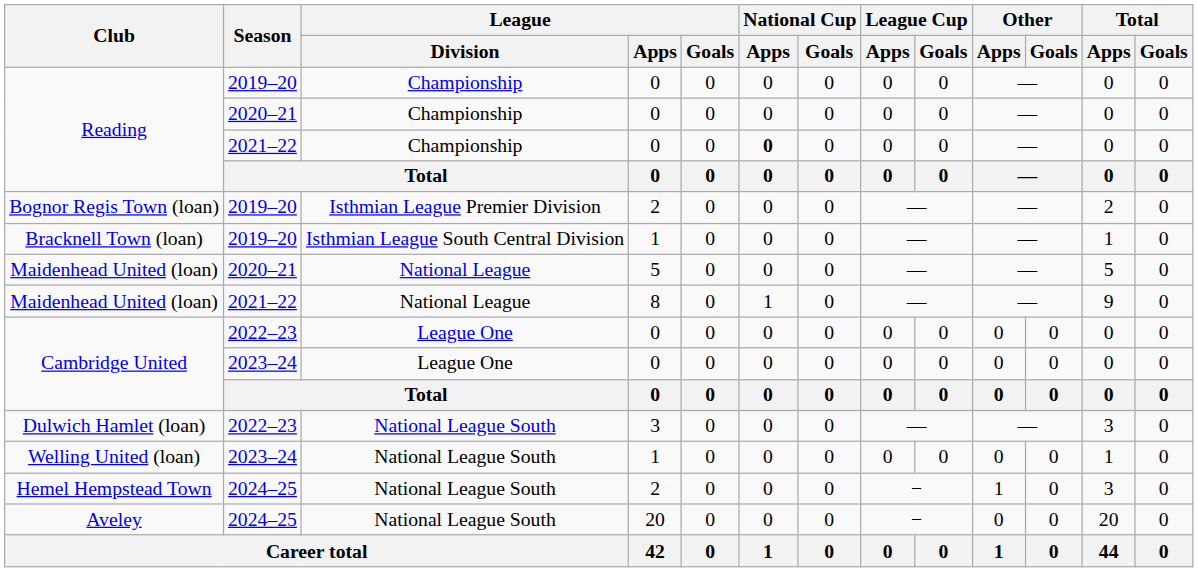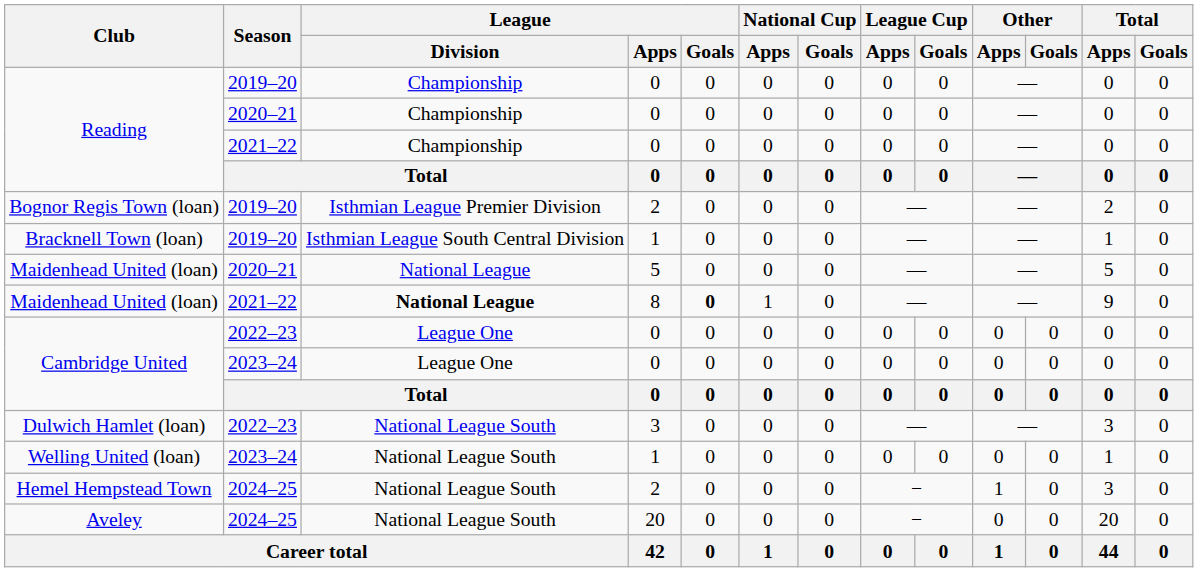 <table class="wikitable" style="text-align: center;">
 <tr>
 <th rowspan="2">Club</th>
 <th rowspan="2">Season</th>
 <th colspan="3">League</th>
 <th colspan="2">National Cup</th>
 <th colspan="2">League Cup</th>
 <th colspan="2">Other</th>
 <th colspan="2">Total</th>
 </tr>
 <tr>
 <th>Division</th>
 <th>Apps</th>
 <th>Goals</th>
 <th>Apps</th>
 <th>Goals</th>
 <th>Apps</th>
 <th>Goals</th>
 <th>Apps</th>
 <th>Goals</th>
 <th>Apps</th>
 <th>Goals</th>
 </tr>
 <tr>
 <td rowspan="4" valign="center"><a href='#'>Reading</a></td>
 <td><a href='#'>2019–20</a></td>
 <td><a href='#'>Championship</a></td>
 <td>0</td>
 <td>0</td>
 <td>0</td>
 <td>0</td>
 <td>0</td>
 <td>0</td>
 <td colspan=2>—</td>
 <td>0</td>
 <td>0</td>
 </tr>
 <tr>
 <td><a href='#'>2020–21</a></td>
 <td>Championship</td>
 <td>0</td>
 <td>0</td>
 <td>0</td>
 <td>0</td>
 <td>0</td>
 <td>0</td>
 <td colspan=2>—</td>
 <td>0</td>
 <td>0</td>
 </tr>
 <tr>
 <td><a href='#'>2021–22</a></td>
 <td>Championship</td>
 <td>0</td>
 <td>0</td>
-<td><strong>0</strong></td>
+<td>0</td>
 <td>0</td>
 <td>0</td>
 <td>0</td>
 <td colspan=2>—</td>
 <td>0</td>
 <td>0</td>
 </tr>
 <tr>
 <th colspan="2">Total</th>
 <th>0</th>
 <th>0</th>
 <th>0</th>
 <th>0</th>
 <th>0</th>
 <th>0</th>
 <th colspan="2">—</th>
 <th>0</th>
 <th>0</th>
 </tr>
 <tr>
 <td><a href='#'>Bognor Regis Town</a> (loan)</td>
 <td><a href='#'>2019–20</a></td>
 <td><a href='#'>Isthmian League</a> Premier Division</td>
 <td>2</td>
 <td>0</td>
 <td>0</td>
 <td>0</td>
 <td colspan=2>—</td>
 <td colspan=2>—</td>
 <td>2</td>
 <td>0</td>
 </tr>
 <tr>
 <td><a href='#'>Bracknell Town</a> (loan)</td>
 <td><a href='#'>2019–20</a></td>
 <td><a href='#'>Isthmian League</a> South Central Division</td>
 <td>1</td>
 <td>0</td>
 <td>0</td>
 <td>0</td>
 <td colspan=2>—</td>
 <td colspan=2>—</td>
 <td>1</td>
 <td>0</td>
 </tr>
 <tr>
 <td><a href='#'>Maidenhead United</a> (loan)</td>
 <td><a href='#'>2020–21</a></td>
 <td><a href='#'>National League</a></td>
 <td>5</td>
 <td>0</td>
 <td>0</td>
 <td>0</td>
 <td colspan=2>—</td>
 <td colspan=2>—</td>
 <td>5</td>
 <td>0</td>
 </tr>
 <tr>
 <td><a href='#'>Maidenhead United</a> (loan)</td>
 <td><a href='#'>2021–22</a></td>
-<td>National League</td>
+<td><strong>National League</strong></td>
 <td>8</td>
-<td>0</td>
+<td><strong>0</strong></td>
 <td>1</td>
 <td>0</td>
 <td colspan=2>—</td>
 <td colspan=2>—</td>
 <td>9</td>
 <td>0</td>
 </tr>
 <tr>
 <td rowspan=3><a href='#'>Cambridge United</a></td>
 <td><a href='#'>2022–23</a></td>
 <td><a href='#'>League One</a></td>
 <td>0</td>
 <td>0</td>
 <td>0</td>
 <td>0</td>
 <td>0</td>
 <td>0</td>
 <td>0</td>
 <td>0</td>
 <td>0</td>
 <td>0</td>
 </tr>
 <tr>
 <td><a href='#'>2023–24</a></td>
 <td>League One</td>
 <td>0</td>
 <td>0</td>
 <td>0</td>
 <td>0</td>
 <td>0</td>
 <td>0</td>
 <td>0</td>
 <td>0</td>
 <td>0</td>
 <td>0</td>
 </tr>
 <tr>
 <th colspan=2>Total</th>
 <th>0</th>
 <th>0</th>
 <th>0</th>
 <th>0</th>
 <th>0</th>
 <th>0</th>
 <th>0</th>
 <th>0</th>
 <th>0</th>
 <th>0</th>
 </tr>
 <tr>
 <td><a href='#'>Dulwich Hamlet</a> (loan)</td>
 <td><a href='#'>2022–23</a></td>
 <td><a href='#'>National League South</a></td>
 <td>3</td>
 <td>0</td>
 <td>0</td>
 <td>0</td>
 <td colspan="2">—</td>
 <td colspan="2">—</td>
 <td>3</td>
 <td>0</td>
 </tr>
 <tr>
 <td><a href='#'>Welling United</a> (loan)</td>
 <td><a href='#'>2023–24</a></td>
 <td>National League South</td>
 <td>1</td>
 <td>0</td>
 <td>0</td>
 <td>0</td>
 <td>0</td>
 <td>0</td>
 <td>0</td>
 <td>0</td>
 <td>1</td>
 <td>0</td>
 </tr>
 <tr>
 <td><a href='#'>Hemel Hempstead Town</a></td>
 <td><a href='#'>2024–25</a></td>
 <td>National League South</td>
 <td>2</td>
 <td>0</td>
 <td>0</td>
 <td>0</td>
 <td colspan="2">−</td>
 <td>1</td>
 <td>0</td>
 <td>3</td>
 <td>0</td>
 </tr>
 <tr>
 <td><a href='#'>Aveley</a></td>
 <td><a href='#'>2024–25</a></td>
 <td>National League South</td>
 <td>20</td>
 <td>0</td>
 <td>0</td>
 <td>0</td>
 <td colspan="2">−</td>
 <td>0</td>
 <td>0</td>
 <td>20</td>
 <td>0</td>
 </tr>
 <tr>
 <th colspan="3">Career total</th>
 <th>42</th>
 <th>0</th>
 <th>1</th>
 <th>0</th>
 <th>0</th>
 <th>0</th>
 <th>1</th>
 <th>0</th>
 <th>44</th>
 <th>0</th>
 </tr>
 </table>
